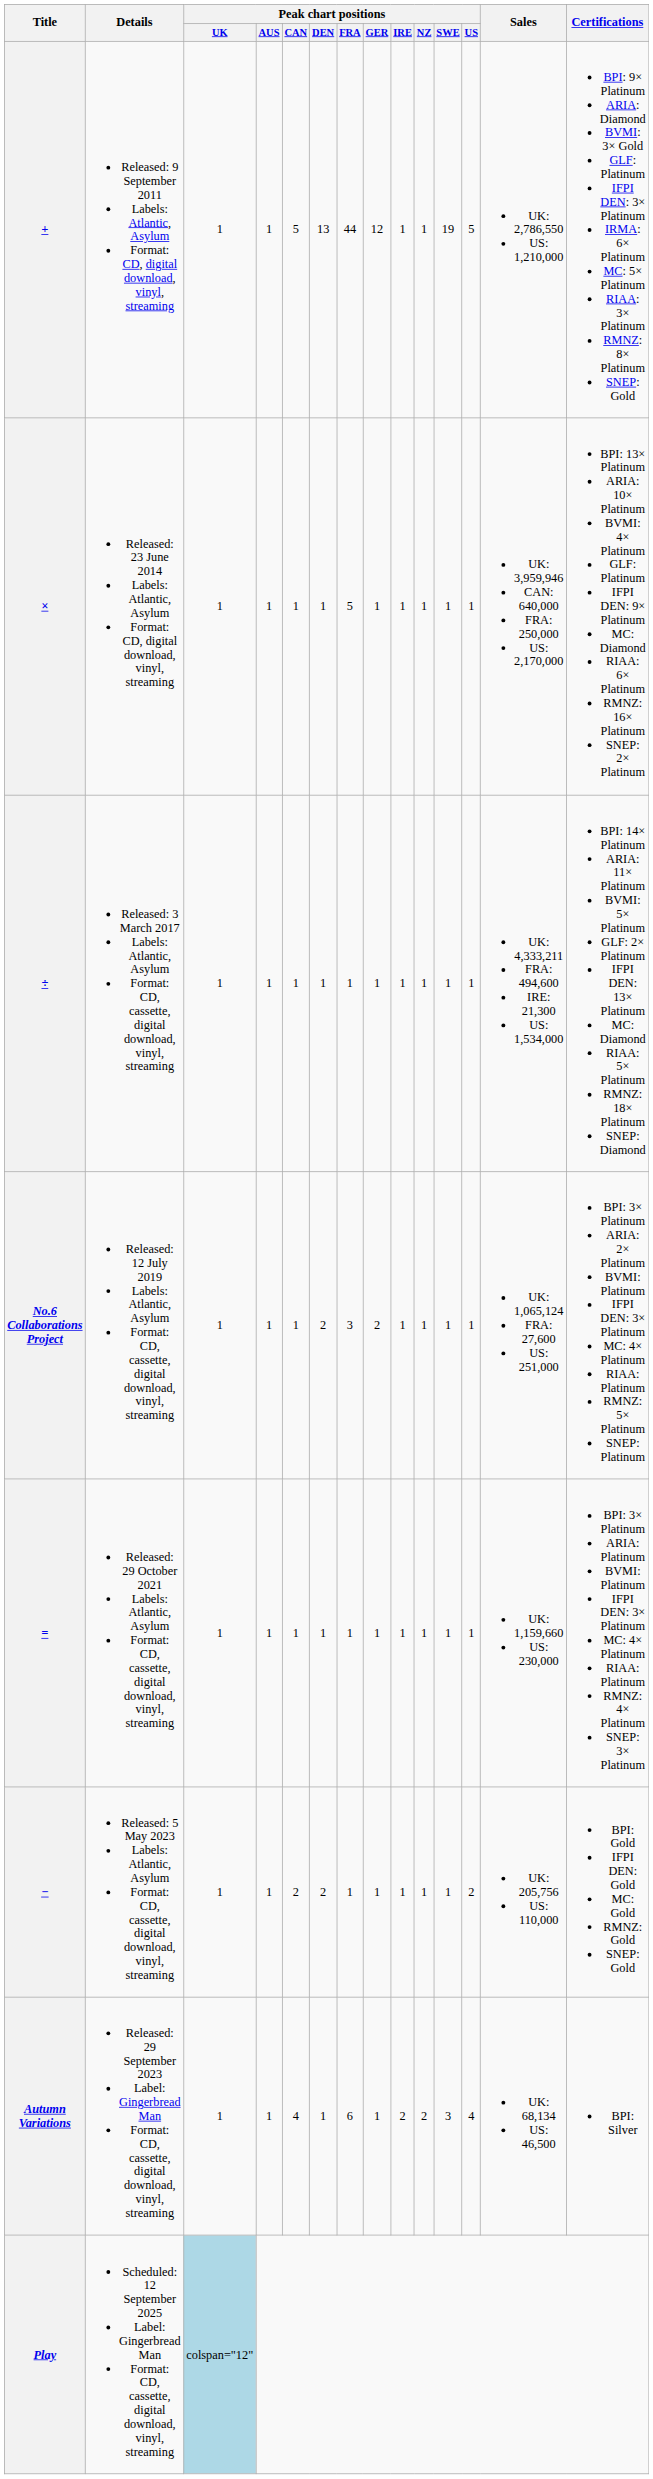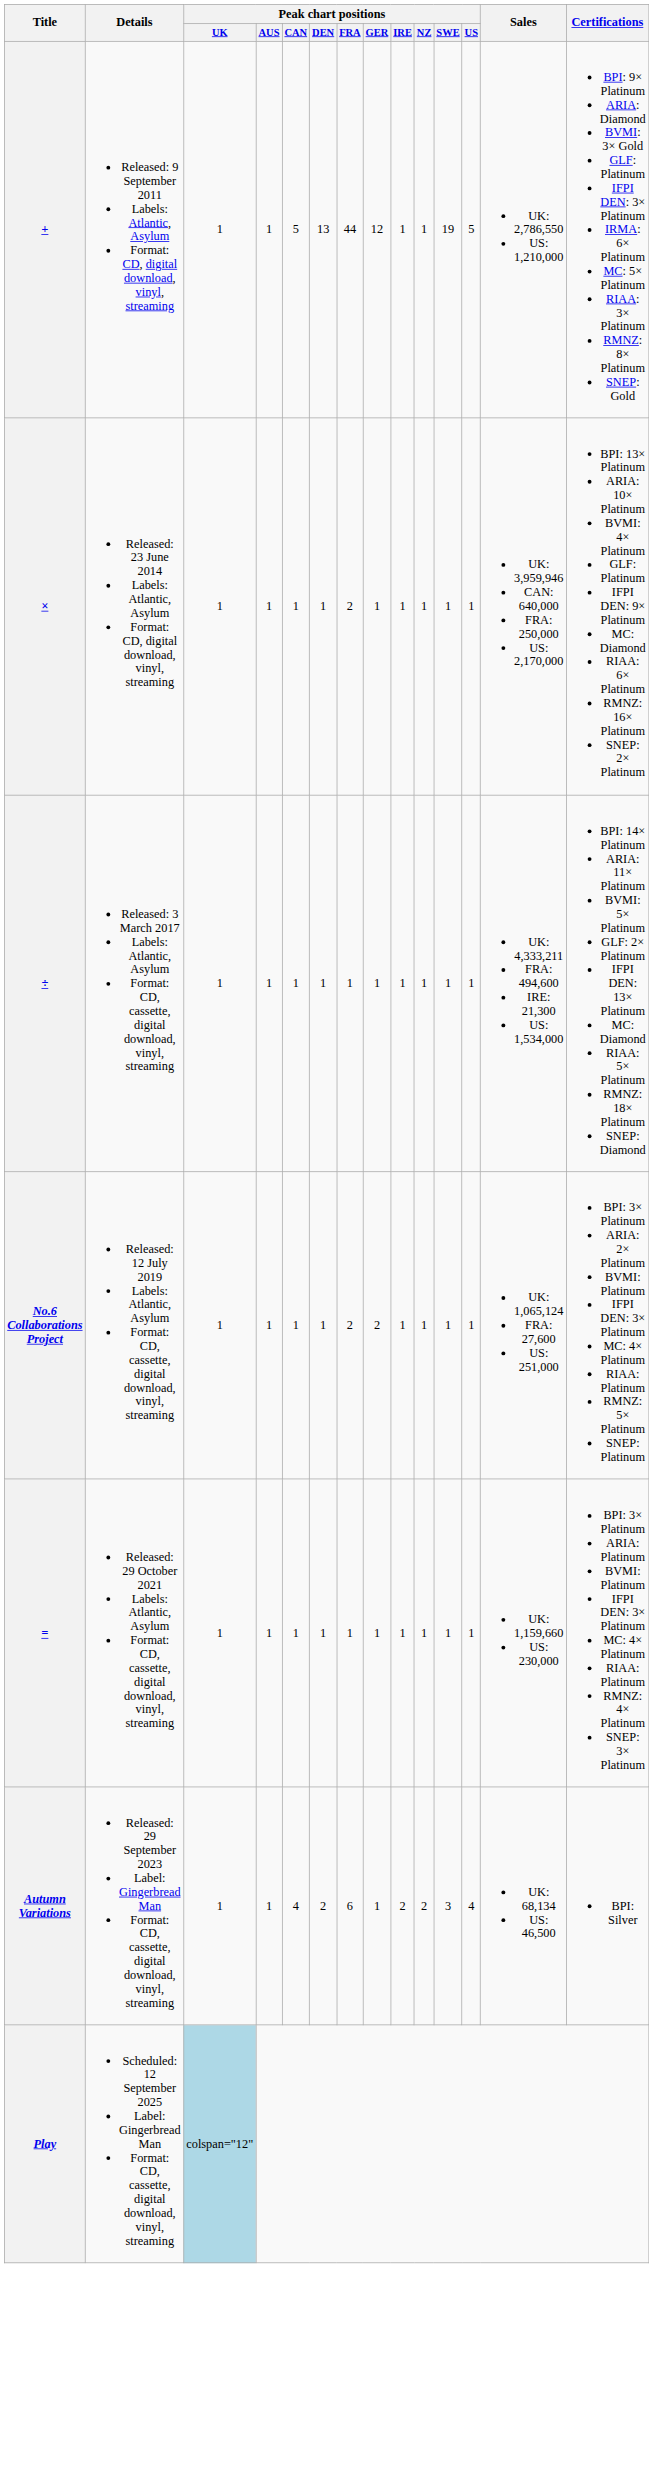 <table class="wikitable plainrowheaders" style="text-align:center;">
 <tr>
 <th scope="col" rowspan="2" style="width:11em;">Title</th>
 <th scope="col" rowspan="2" style="width:15em;">Details</th>
 <th scope="col" colspan="10">Peak chart positions</th>
 <th scope="col" rowspan="2" style="width:10em;">Sales</th>
 <th scope="col" rowspan="2" style="width:14em;"><a href='#'>Certifications</a></th>
 </tr>
 <tr>
 <th scope="col" style="width:2.51em;font-size:85%;"><a href='#'>UK</a><br></th>
 <th scope="col" style="width:2.5em;font-size:85%;"><a href='#'>AUS</a><br></th>
 <th scope="col" style="width:2.5em;font-size:85%;"><a href='#'>CAN</a><br></th>
 <th scope="col" style="width:2.5em;font-size:85%;"><a href='#'>DEN</a><br></th>
 <th scope="col" style="width:2.5em;font-size:85%;"><a href='#'>FRA</a><br></th>
 <th scope="col" style="width:2.5em;font-size:85%;"><a href='#'>GER</a><br></th>
 <th scope="col" style="width:2.5em;font-size:85%;"><a href='#'>IRE</a><br></th>
 <th scope="col" style="width:2.5em;font-size:85%;"><a href='#'>NZ</a><br></th>
 <th scope="col" style="width:2.5em;font-size:85%;"><a href='#'>SWE</a><br></th>
 <th scope="col" style="width:2.5em;font-size:85%;"><a href='#'>US</a><br></th>
 </tr>
 <tr>
 <th scope="row"><em><a href='#'>+</a></em></th>
 <td><br><ul><li>Released: 9 September 2011</li><li>Labels: <a href='#'>Atlantic</a>, <a href='#'>Asylum</a></li><li>Format: <a href='#'>CD</a>, <a href='#'>digital download</a>, <a href='#'>vinyl</a>, <a href='#'>streaming</a></li></ul></td>
 <td>1</td>
 <td>1</td>
 <td>5</td>
 <td>13</td>
 <td>44</td>
 <td>12</td>
 <td>1</td>
 <td>1</td>
 <td>19</td>
 <td>5</td>
 <td><br><ul><li>UK: 2,786,550</li><li>US: 1,210,000</li></ul></td>
 <td><br><ul><li><a href='#'>BPI</a>: 9× Platinum</li><li><a href='#'>ARIA</a>: Diamond</li><li><a href='#'>BVMI</a>: 3× Gold</li><li><a href='#'>GLF</a>: Platinum</li><li><a href='#'>IFPI DEN</a>: 3× Platinum</li><li><a href='#'>IRMA</a>: 6× Platinum</li><li><a href='#'>MC</a>: 5× Platinum</li><li><a href='#'>RIAA</a>: 3× Platinum</li><li><a href='#'>RMNZ</a>: 8× Platinum</li><li><a href='#'>SNEP</a>: Gold</li></ul></td>
 </tr>
 <tr>
 <th scope="row"><em><a href='#'>×</a></em></th>
 <td><br><ul><li>Released: 23 June 2014</li><li>Labels: Atlantic, Asylum</li><li>Format: CD, digital download, vinyl, streaming</li></ul></td>
 <td>1</td>
 <td>1</td>
 <td>1</td>
 <td>1</td>
-<td>5</td>
+<td>2</td>
 <td>1</td>
 <td>1</td>
 <td>1</td>
 <td>1</td>
 <td>1</td>
 <td><br><ul><li>UK: 3,959,946</li><li>CAN: 640,000</li><li>FRA: 250,000</li><li>US: 2,170,000</li></ul></td>
 <td><br><ul><li>BPI: 13× Platinum</li><li>ARIA: 10× Platinum</li><li>BVMI: 4× Platinum</li><li>GLF: Platinum</li><li>IFPI DEN: 9× Platinum</li><li>MC: Diamond</li><li>RIAA: 6× Platinum</li><li>RMNZ: 16× Platinum</li><li>SNEP: 2× Platinum</li></ul></td>
 </tr>
 <tr>
 <th scope="row"><em><a href='#'>÷</a></em></th>
 <td><br><ul><li>Released: 3 March 2017</li><li>Labels: Atlantic, Asylum</li><li>Format: CD, cassette, digital download, vinyl, streaming</li></ul></td>
 <td>1</td>
 <td>1</td>
 <td>1</td>
 <td>1</td>
 <td>1</td>
 <td>1</td>
 <td>1</td>
 <td>1</td>
 <td>1</td>
 <td>1</td>
 <td><br><ul><li>UK: 4,333,211</li><li>FRA: 494,600</li><li>IRE: 21,300</li><li>US: 1,534,000</li></ul></td>
 <td><br><ul><li>BPI: 14× Platinum</li><li>ARIA: 11× Platinum</li><li>BVMI: 5× Platinum</li><li>GLF: 2× Platinum</li><li>IFPI DEN: 13× Platinum</li><li>MC: Diamond</li><li>RIAA: 5× Platinum</li><li>RMNZ: 18× Platinum</li><li>SNEP: Diamond</li></ul></td>
 </tr>
 <tr>
 <th scope="row"><em><a href='#'>No.6 Collaborations Project</a></em></th>
 <td><br><ul><li>Released: 12 July 2019</li><li>Labels: Atlantic, Asylum</li><li>Format: CD, cassette, digital download, vinyl, streaming</li></ul></td>
 <td>1</td>
 <td>1</td>
 <td>1</td>
+<td>1</td>
 <td>2</td>
-<td>3</td>
 <td>2</td>
 <td>1</td>
 <td>1</td>
 <td>1</td>
 <td>1</td>
 <td><br><ul><li>UK: 1,065,124</li><li>FRA: 27,600</li><li>US: 251,000</li></ul></td>
 <td><br><ul><li>BPI: 3× Platinum</li><li>ARIA: 2× Platinum</li><li>BVMI: Platinum</li><li>IFPI DEN: 3× Platinum</li><li>MC: 4× Platinum</li><li>RIAA: Platinum</li><li>RMNZ: 5× Platinum</li><li>SNEP: Platinum</li></ul></td>
 </tr>
 <tr>
 <th scope="row"><em><a href='#'>=</a></em></th>
 <td><br><ul><li>Released: 29 October 2021</li><li>Labels: Atlantic, Asylum</li><li>Format: CD, cassette, digital download, vinyl, streaming</li></ul></td>
 <td>1</td>
 <td>1</td>
 <td>1</td>
 <td>1</td>
 <td>1</td>
 <td>1</td>
 <td>1</td>
 <td>1</td>
 <td>1</td>
 <td>1</td>
 <td><br><ul><li>UK: 1,159,660</li><li>US: 230,000</li></ul></td>
 <td><br><ul><li>BPI: 3× Platinum</li><li>ARIA: Platinum</li><li>BVMI: Platinum</li><li>IFPI DEN: 3× Platinum</li><li>MC: 4× Platinum</li><li>RIAA: Platinum</li><li>RMNZ: 4× Platinum</li><li>SNEP: 3× Platinum</li></ul></td>
 </tr>
 <tr>
-<th scope="row"><em><a href='#'>−</a></em></th>
-<td><br><ul><li>Released: 5 May 2023</li><li>Labels: Atlantic, Asylum</li><li>Format: CD, cassette, digital download, vinyl, streaming</li></ul></td>
-<td>1</td>
-<td>1</td>
-<td>2</td>
-<td>2</td>
-<td>1</td>
-<td>1</td>
-<td>1</td>
-<td>1</td>
-<td>1</td>
-<td>2</td>
-<td><br><ul><li>UK: 205,756</li><li>US: 110,000</li></ul></td>
-<td><br><ul><li>BPI: Gold</li><li>IFPI DEN: Gold</li><li>MC: Gold</li><li>RMNZ: Gold</li><li>SNEP: Gold</li></ul></td>
-</tr>
-<tr>
 <th scope="row"><em><a href='#'>Autumn Variations</a></em></th>
 <td><br><ul><li>Released: 29 September 2023</li><li>Label: <a href='#'>Gingerbread Man</a></li><li>Format: CD, cassette, digital download, vinyl, streaming</li></ul></td>
 <td>1</td>
 <td>1</td>
 <td>4</td>
-<td>1</td>
+<td>2</td>
 <td>6</td>
 <td>1</td>
 <td>2</td>
 <td>2</td>
 <td>3</td>
 <td>4</td>
 <td><br><ul><li>UK: 68,134</li><li>US: 46,500</li></ul></td>
 <td><br><ul><li>BPI: Silver</li></ul></td>
 </tr>
 <tr>
 <th scope="row"><em><a href='#'>Play</a></em></th>
 <td><br><ul><li>Scheduled: 12 September 2025</li><li>Label: Gingerbread Man</li><li>Format: CD, cassette, digital download, vinyl, streaming</li></ul></td>
 <td style="background: lightblue;">colspan="12" </td>
 </tr>
 </table>
